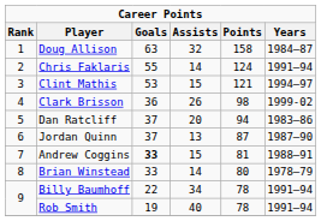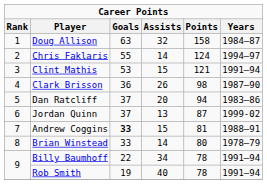 <table class="wikitable">
 <tr>
 <td colspan="6" style="text-align:center;"><strong>Career Points</strong></td>
 </tr>
 <tr>
 <th>Rank</th>
 <th>Player</th>
 <th>Goals</th>
 <th>Assists</th>
 <th>Points</th>
 <th>Years</th>
 </tr>
 <tr>
 <td align=center>1</td>
 <td><a href='#'>Doug Allison</a></td>
 <td align=center>63</td>
 <td align=center>32</td>
 <td align=center>158</td>
 <td>1984–87</td>
 </tr>
 <tr>
 <td align=center>2</td>
 <td><a href='#'>Chris Faklaris</a></td>
 <td align=center>55</td>
 <td align=center>14</td>
 <td align=center>124</td>
-<td>1991–94</td>
+<td>1994–97</td>
 </tr>
 <tr>
 <td align=center>3</td>
 <td><a href='#'>Clint Mathis</a></td>
 <td align=center>53</td>
 <td align=center>15</td>
 <td align=center>121</td>
-<td>1994–97</td>
+<td>1991–94</td>
 </tr>
 <tr>
 <td align=center>4</td>
 <td><a href='#'>Clark Brisson</a></td>
 <td align=center>36</td>
 <td align=center>26</td>
 <td align=center>98</td>
-<td>1999-02</td>
+<td>1987–90</td>
 </tr>
 <tr>
 <td align=center>5</td>
 <td>Dan Ratcliff</td>
 <td align=center>37</td>
 <td align=center>20</td>
 <td align=center>94</td>
 <td>1983–86</td>
 </tr>
 <tr>
 <td align=center>6</td>
 <td>Jordan Quinn</td>
 <td align=center>37</td>
 <td align=center>13</td>
 <td align=center>87</td>
-<td>1987–90</td>
+<td>1999-02</td>
 </tr>
 <tr>
 <td align=center>7</td>
 <td>Andrew Coggins</td>
 <td align=center><strong>33</strong></td>
 <td align=center>15</td>
 <td align=center>81</td>
 <td>1988–91</td>
 </tr>
 <tr>
 <td align=center>8</td>
 <td><a href='#'>Brian Winstead</a></td>
 <td align=center>33</td>
 <td align=center>14</td>
 <td align=center>80</td>
 <td>1978–79</td>
 </tr>
 <tr>
 <td rowspan="2" style="text-align:center;">9</td>
 <td><a href='#'>Billy Baumhoff</a></td>
 <td align=center>22</td>
 <td align=center>34</td>
 <td align=center>78</td>
 <td>1991–94</td>
 </tr>
 <tr>
 <td><a href='#'>Rob Smith</a></td>
 <td align=center>19</td>
 <td align=center>40</td>
 <td align=center>78</td>
 <td>1991–94</td>
 </tr>
 <tr>
 </tr>
 </table>
